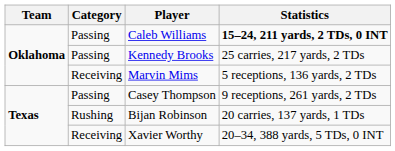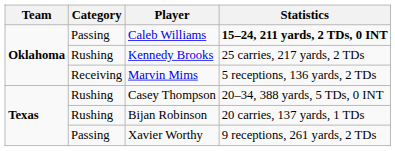 <table class="wikitable" style="float: right;">
 <tr>
 <th>Team</th>
 <th>Category</th>
 <th>Player</th>
 <th>Statistics</th>
 </tr>
 <tr>
 <td rowspan=3><strong>Oklahoma</strong></td>
 <td>Passing</td>
 <td><a href='#'>Caleb Williams</a></td>
 <td><strong>15–24, 211 yards, 2 TDs, 0 INT</strong></td>
 </tr>
 <tr>
-<td>Passing</td>
+<td>Rushing</td>
 <td><a href='#'>Kennedy Brooks</a></td>
 <td>25 carries, 217 yards, 2 TDs</td>
 </tr>
 <tr>
 <td>Receiving</td>
 <td><a href='#'>Marvin Mims</a></td>
 <td>5 receptions, 136 yards, 2 TDs</td>
 </tr>
 <tr>
 <td rowspan=3><strong>Texas</strong></td>
-<td>Passing</td>
+<td>Rushing</td>
 <td>Casey Thompson</td>
-<td>9 receptions, 261 yards, 2 TDs</td>
+<td>20–34, 388 yards, 5 TDs, 0 INT</td>
 </tr>
 <tr>
 <td>Rushing</td>
 <td>Bijan Robinson</td>
 <td>20 carries, 137 yards, 1 TDs</td>
 </tr>
 <tr>
-<td>Receiving</td>
+<td>Passing</td>
 <td>Xavier Worthy</td>
-<td>20–34, 388 yards, 5 TDs, 0 INT</td>
+<td>9 receptions, 261 yards, 2 TDs</td>
 </tr>
 </table>
